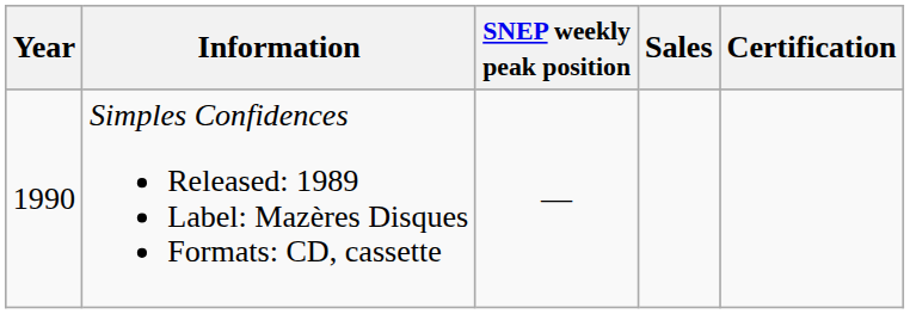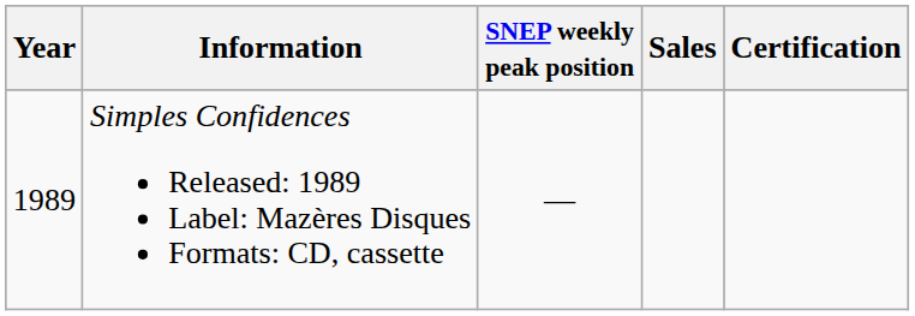 <table class="wikitable">
 <tr>
 <th>Year</th>
 <th>Information</th>
 <th><small><a href='#'>SNEP</a> weekly<br>peak position</small></th>
 <th>Sales<br></th>
 <th>Certification</th>
 </tr>
 <tr>
-<td>1990</td>
+<td>1989</td>
 <td><em>Simples Confidences</em><br><ul><li>Released: 1989</li><li>Label: Mazères Disques</li><li>Formats: CD, cassette</li></ul></td>
 <td style="text-align:center;">—</td>
 <td align="left"></td>
 <td align="left"></td>
 </tr>
 </table>
